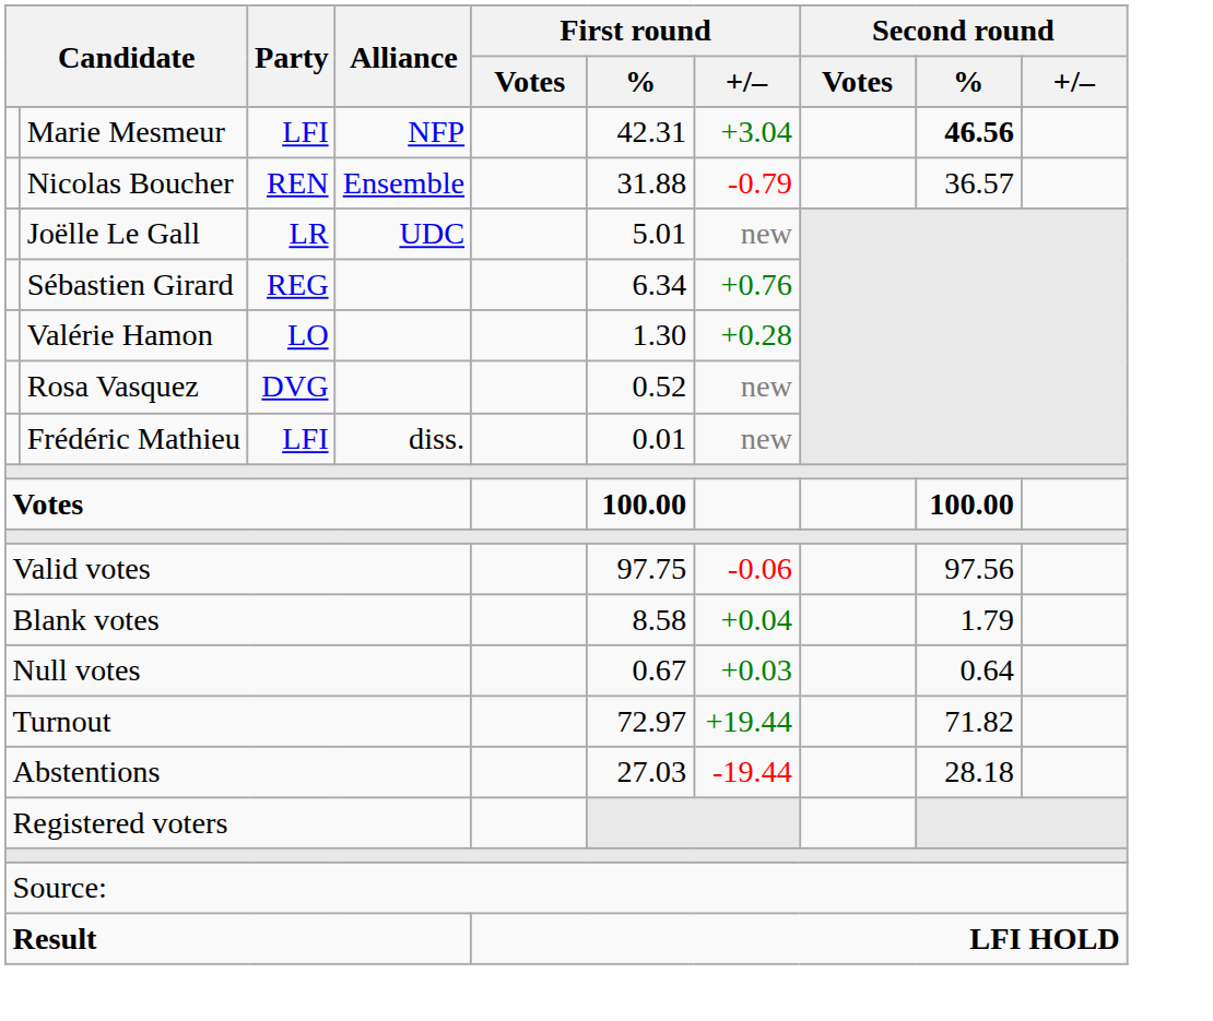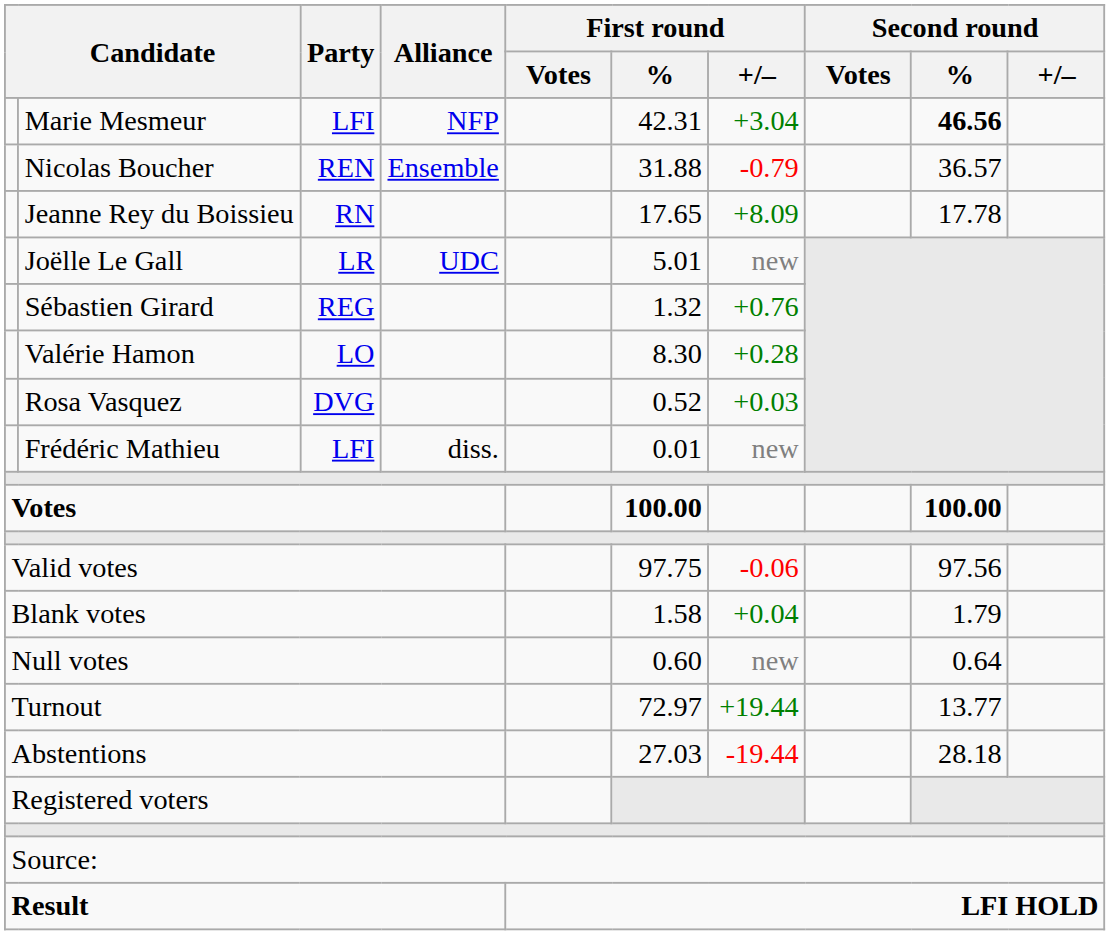 <table class="wikitable" style="text-align:right;font-size:95%;">
 <tr>
 <th rowspan="2" colspan="2">Candidate</th>
 <th colspan="1" rowspan="2">Party</th>
 <th colspan="1" rowspan="2">Alliance</th>
 <th colspan="3">First round</th>
 <th colspan="3">Second round</th>
 </tr>
 <tr>
 <th style="width:50px;">Votes</th>
 <th style="width:45px;">%</th>
 <th style="width:45px;">+/–</th>
 <th style="width:50px;">Votes</th>
 <th style="width:45px;">%</th>
 <th style="width:45px;">+/–</th>
 </tr>
 <tr>
 <td style="color:inherit;background:"></td>
 <td style="text-align:left;">Marie Mesmeur</td>
 <td><a href='#'>LFI</a></td>
 <td><a href='#'>NFP</a></td>
 <td></td>
 <td>42.31</td>
 <td style="color:green;">+3.04</td>
 <td><strong></strong></td>
 <td><strong>46.56</strong></td>
 <td style="color:grey;"></td>
 </tr>
 <tr>
 <td style="color:inherit;background:"></td>
 <td style="text-align:left;">Nicolas Boucher</td>
 <td><a href='#'>REN</a></td>
 <td><a href='#'>Ensemble</a></td>
 <td></td>
 <td>31.88</td>
 <td style="color:red;">-0.79</td>
 <td></td>
 <td>36.57</td>
 <td style="color:grey;"></td>
 </tr>
 <tr>
 <td style="color:inherit;background:"></td>
+<td style="text-align:left;">Jeanne Rey du Boissieu</td>
+<td><a href='#'>RN</a></td>
+<td></td>
+<td></td>
+<td>17.65</td>
+<td style="color:green;">+8.09</td>
+<td></td>
+<td>17.78</td>
+<td style="color:grey;"></td>
+</tr>
+<tr>
+<td style="color:inherit;background:"></td>
 <td style="text-align:left;">Joëlle Le Gall</td>
 <td><a href='#'>LR</a></td>
 <td><a href='#'>UDC</a></td>
 <td></td>
 <td>5.01</td>
 <td style="color:grey;">new</td>
 <td colspan="3" rowspan="5" style="background:#E9E9E9;"></td>
 </tr>
 <tr>
 <td style="color:inherit;background:"></td>
 <td style="text-align:left;">Sébastien Girard</td>
 <td><a href='#'>REG</a></td>
 <td></td>
 <td></td>
-<td>6.34</td>
+<td>1.32</td>
 <td style="color:green;">+0.76</td>
 </tr>
 <tr>
 <td style="color:inherit;background:"></td>
 <td style="text-align:left;">Valérie Hamon</td>
 <td><a href='#'>LO</a></td>
 <td></td>
 <td></td>
-<td>1.30</td>
+<td>8.30</td>
 <td style="color:green;">+0.28</td>
 </tr>
 <tr>
 <td style="color:inherit;background:"></td>
 <td style="text-align:left;">Rosa Vasquez</td>
 <td><a href='#'>DVG</a></td>
 <td></td>
 <td></td>
 <td>0.52</td>
-<td style="color:grey;">new</td>
+<td style="color:green;">+0.03</td>
 </tr>
 <tr>
 <td style="color:inherit;background:"></td>
 <td style="text-align:left;">Frédéric Mathieu</td>
 <td><a href='#'>LFI</a></td>
 <td>diss.</td>
 <td></td>
 <td>0.01</td>
 <td style="color:grey;">new</td>
 </tr>
 <tr>
 <td colspan="10" style="background:#E9E9E9;"></td>
 </tr>
 <tr style="font-weight:bold;">
 <td colspan="4" style="text-align:left;">Votes</td>
 <td></td>
 <td>100.00</td>
 <td></td>
 <td></td>
 <td>100.00</td>
 <td></td>
 </tr>
 <tr>
 <td colspan="10" style="background:#E9E9E9;"></td>
 </tr>
 <tr>
 <td colspan="4" style="text-align:left;">Valid votes</td>
 <td></td>
 <td>97.75</td>
 <td style="color:red;">-0.06</td>
 <td></td>
 <td>97.56</td>
 <td style="color:grey;"></td>
 </tr>
 <tr>
 <td colspan="4" style="text-align:left;">Blank votes</td>
 <td></td>
-<td>8.58</td>
+<td>1.58</td>
 <td style="color:green;">+0.04</td>
 <td></td>
 <td>1.79</td>
 <td style="color:grey;"></td>
 </tr>
 <tr>
 <td colspan="4" style="text-align:left;">Null votes</td>
 <td></td>
-<td>0.67</td>
-<td style="color:green;">+0.03</td>
+<td>0.60</td>
+<td style="color:grey;">new</td>
 <td></td>
 <td>0.64</td>
 <td style="color:grey;"></td>
 </tr>
 <tr>
 <td colspan="4" style="text-align:left;">Turnout</td>
 <td></td>
 <td>72.97</td>
 <td style="color:green;">+19.44</td>
 <td></td>
-<td>71.82</td>
+<td>13.77</td>
 <td style="color:grey;"></td>
 </tr>
 <tr>
 <td colspan="4" style="text-align:left;">Abstentions</td>
 <td></td>
 <td>27.03</td>
 <td style="color:red;">-19.44</td>
 <td></td>
 <td>28.18</td>
 <td style="color:grey;"></td>
 </tr>
 <tr>
 <td colspan="4" style="text-align:left;">Registered voters</td>
 <td></td>
 <td colspan="2" style="background:#E9E9E9;"></td>
 <td></td>
 <td colspan="2" style="background:#E9E9E9;"></td>
 </tr>
 <tr>
 <td colspan="10" style="background:#E9E9E9;"></td>
 </tr>
 <tr>
 <td colspan="10" style="text-align:left;">Source: </td>
 </tr>
 <tr style="font-weight:bold">
 <td colspan="4" style="text-align:left;">Result</td>
 <td colspan="6" style="background-color:">LFI HOLD</td>
 </tr>
 </table>
